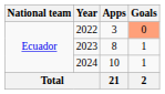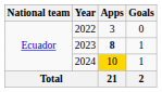 <table class="wikitable" style="text-align:center">
 <tr>
 <th>National team</th>
 <th>Year</th>
 <th>Apps</th>
 <th>Goals</th>
 </tr>
 <tr>
 <td rowspan="3"><a href='#'>Ecuador</a></td>
 <td>2022</td>
 <td>3</td>
-<td style="background: lightsalmon;">0</td>
+<td>0</td>
 </tr>
 <tr>
 <td>2023</td>
-<td>8</td>
+<td><strong>8</strong></td>
 <td>1</td>
 </tr>
 <tr>
 <td>2024</td>
-<td>10</td>
+<td style="background: gold;">10</td>
 <td>1</td>
 </tr>
 <tr>
 <th colspan="2">Total</th>
 <th>21</th>
 <th>2</th>
 </tr>
 </table>
